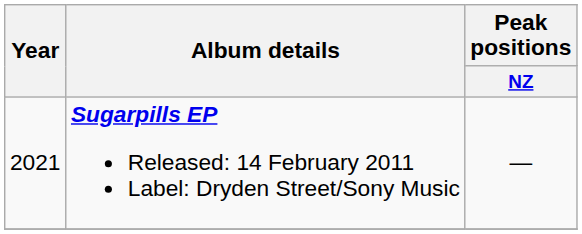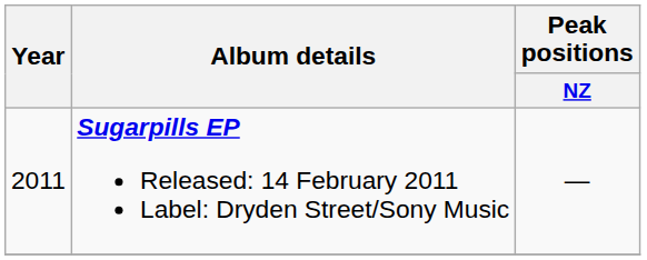 <table class="wikitable" style="text-align:center;">
 <tr>
 <th rowspan="2">Year</th>
 <th rowspan="2">Album details</th>
 <th colspan="1">Peak positions</th>
 </tr>
 <tr style="font-size:smaller;">
 <th width="65"><a href='#'>NZ</a></th>
 </tr>
 <tr>
-<td>2021</td>
+<td>2011</td>
 <td align="left"><strong><em><a href='#'>Sugarpills EP</a></em></strong><br><ul><li>Released: 14 February 2011</li><li>Label: Dryden Street/Sony Music</li></ul></td>
 <td>—</td>
 </tr>
 <tr>
 </tr>
 </table>
